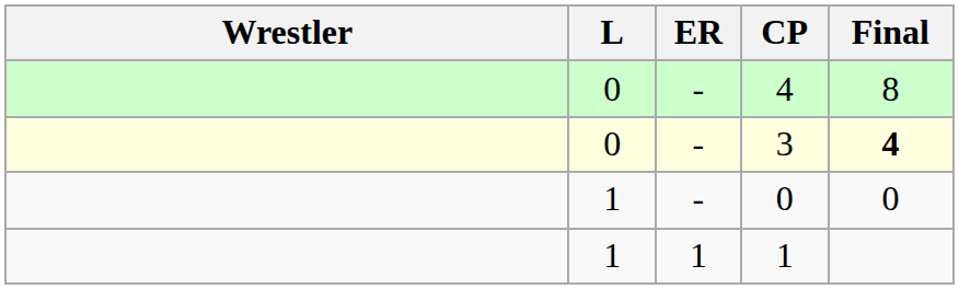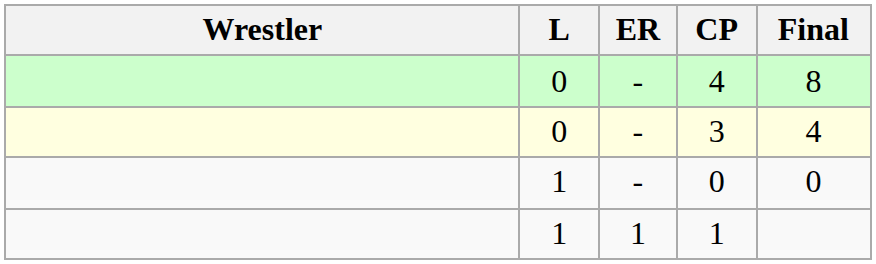 <table class="wikitable" style="text-align: center;" |>
 <tr>
 <th width="250">Wrestler</th>
 <th width="32">L</th>
 <th width="32">ER</th>
 <th width="32">CP</th>
 <th width="50">Final</th>
 </tr>
 <tr bgcolor="ccffcc">
 <td style="text-align:left;"></td>
 <td>0</td>
 <td>-</td>
 <td>4</td>
 <td>8</td>
 </tr>
 <tr bgcolor="lightyellow">
 <td style="text-align:left;"></td>
 <td>0</td>
 <td>-</td>
 <td>3</td>
-<td><strong>4</strong></td>
+<td>4</td>
 </tr>
 <tr>
 <td style="text-align:left;"></td>
 <td>1</td>
 <td>-</td>
 <td>0</td>
 <td>0</td>
 </tr>
 <tr>
 <td style="text-align:left;"></td>
 <td>1</td>
 <td>1</td>
 <td>1</td>
 </tr>
 </table>
